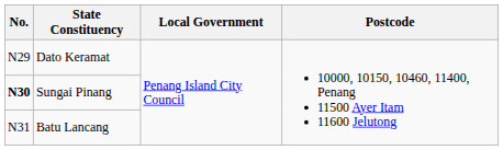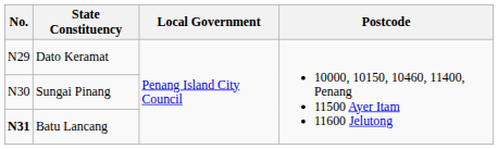 <table class="wikitable">
 <tr>
 <th>No.</th>
 <th>State Constituency</th>
 <th>Local Government</th>
 <th>Postcode</th>
 </tr>
 <tr>
 <td>N29</td>
 <td>Dato Keramat</td>
 <td rowspan="3"><a href='#'>Penang Island City Council</a></td>
 <td rowspan="3"><br><ul><li>10000, 10150, 10460, 11400, Penang</li><li>11500 <a href='#'>Ayer Itam</a></li><li>11600 <a href='#'>Jelutong</a></li></ul></td>
 </tr>
 <tr>
-<td><strong>N30</strong></td>
+<td>N30</td>
 <td>Sungai Pinang</td>
 </tr>
 <tr>
-<td>N31</td>
+<td><strong>N31</strong></td>
 <td>Batu Lancang</td>
 </tr>
 </table>
